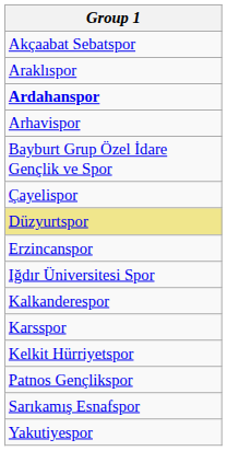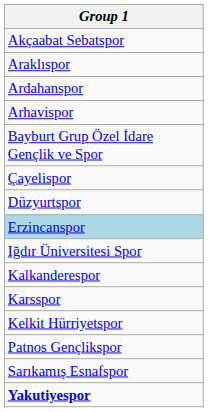 <table class="wikitable collapsible collapsed" style="font-size:95%;">
 <tr>
 <th colspan="1" width="200"><em>Group 1</em></th>
 </tr>
 <tr>
 <td><a href='#'>Akçaabat Sebatspor</a></td>
 </tr>
 <tr>
 <td><a href='#'>Araklıspor</a></td>
 </tr>
 <tr>
-<td><strong><a href='#'>Ardahanspor</a></strong></td>
+<td><a href='#'>Ardahanspor</a></td>
 </tr>
 <tr>
 <td><a href='#'>Arhavispor</a></td>
 </tr>
 <tr>
 <td><a href='#'>Bayburt Grup Özel İdare Gençlik ve Spor</a></td>
 </tr>
 <tr>
 <td><a href='#'>Çayelispor</a></td>
 </tr>
 <tr>
-<td style="background: khaki;"><a href='#'>Düzyurtspor</a></td>
+<td><a href='#'>Düzyurtspor</a></td>
 </tr>
 <tr>
-<td><a href='#'>Erzincanspor</a></td>
+<td style="background: lightblue;"><a href='#'>Erzincanspor</a></td>
 </tr>
 <tr>
 <td><a href='#'>Iğdır Üniversitesi Spor</a></td>
 </tr>
 <tr>
 <td><a href='#'>Kalkanderespor</a></td>
 </tr>
 <tr>
 <td><a href='#'>Karsspor</a></td>
 </tr>
 <tr>
 <td><a href='#'>Kelkit Hürriyetspor</a></td>
 </tr>
 <tr>
 <td><a href='#'>Patnos Gençlikspor</a></td>
 </tr>
 <tr>
 <td><a href='#'>Sarıkamış Esnafspor</a></td>
 </tr>
 <tr>
-<td><a href='#'>Yakutiyespor</a></td>
+<td><strong><a href='#'>Yakutiyespor</a></strong></td>
 </tr>
 </table>
